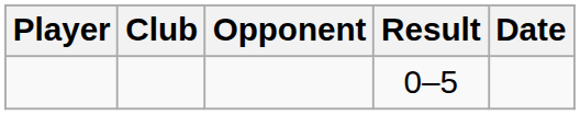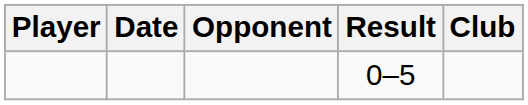 <table class="wikitable">
 <tr>
 <th>Player</th>
-<th>Club</th>
+<th>Date</th>
 <th>Opponent</th>
 <th style="text-align:center">Result</th>
-<th>Date</th>
+<th>Club</th>
 </tr>
 <tr>
 <td></td>
 <td></td>
 <td></td>
 <td align="center">0–5</td>
 <td></td>
 </tr>
 </table>
